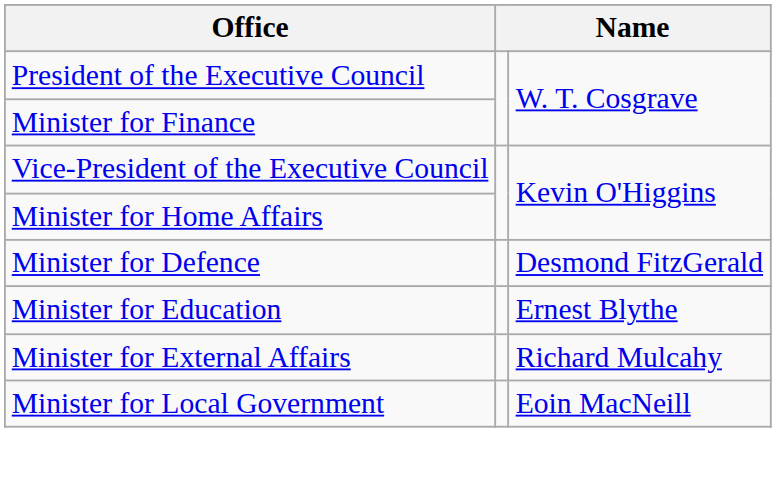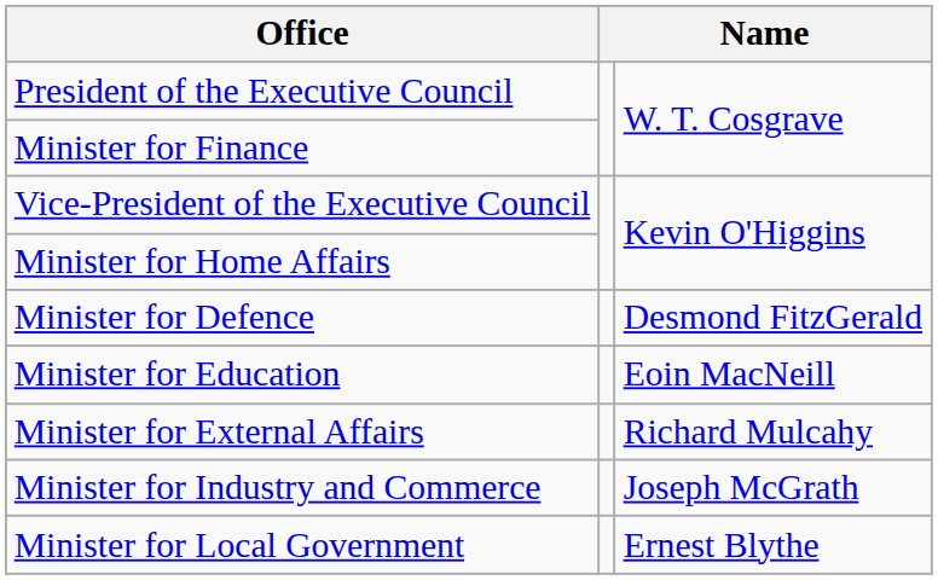 <table class="wikitable">
 <tr>
 <th>Office</th>
 <th colspan="2">Name</th>
 </tr>
 <tr>
 <td><a href='#'>President of the Executive Council</a></td>
 <td rowspan=2 style="background-color: "></td>
 <td rowspan=2><a href='#'>W. T. Cosgrave</a></td>
 </tr>
 <tr>
 <td><a href='#'>Minister for Finance</a></td>
 </tr>
 <tr>
 <td><a href='#'>Vice-President of the Executive Council</a></td>
 <td rowspan=2 style="background-color: "></td>
 <td rowspan=2><a href='#'>Kevin O'Higgins</a></td>
 </tr>
 <tr>
 <td><a href='#'>Minister for Home Affairs</a></td>
 </tr>
 <tr>
 <td><a href='#'>Minister for Defence</a></td>
 <td style="background-color: "></td>
 <td><a href='#'>Desmond FitzGerald</a></td>
 </tr>
 <tr>
 <td><a href='#'>Minister for Education</a></td>
 <td style="background-color: "></td>
-<td><a href='#'>Ernest Blythe</a></td>
+<td><a href='#'>Eoin MacNeill</a></td>
 </tr>
 <tr>
 <td><a href='#'>Minister for External Affairs</a></td>
 <td style="background-color: "></td>
 <td><a href='#'>Richard Mulcahy</a></td>
 </tr>
 <tr>
+<td><a href='#'>Minister for Industry and Commerce</a></td>
+<td style="background-color: "></td>
+<td><a href='#'>Joseph McGrath</a></td>
+</tr>
+<tr>
 <td><a href='#'>Minister for Local Government</a></td>
 <td style="background-color: "></td>
-<td><a href='#'>Eoin MacNeill</a></td>
+<td><a href='#'>Ernest Blythe</a></td>
 </tr>
 </table>
